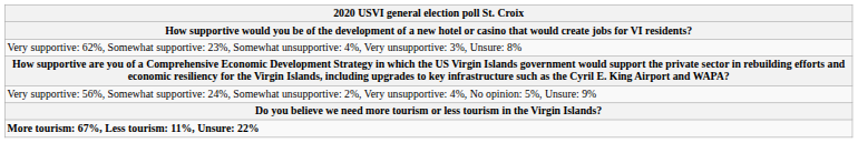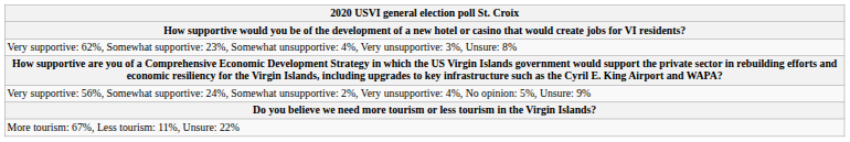 <table class="wikitable sortable">
 <tr>
 <th colspan="6">2020 USVI general election poll St. Croix </th>
 </tr>
 <tr>
 <th colspan="6">How supportive would you be of the development of a new hotel or casino that would create jobs for VI residents?</th>
 </tr>
 <tr>
 <td>Very supportive: 62%, Somewhat supportive: 23%, Somewhat unsupportive: 4%, Very unsupportive: 3%, Unsure: 8%</td>
 </tr>
 <tr>
 <th colspan="6">How supportive are you of a Comprehensive Economic Development Strategy in which the US Virgin Islands government would support the private sector in rebuilding efforts and economic resiliency for the Virgin Islands, including upgrades to key infrastructure such as the Cyril E. King Airport and WAPA?</th>
 </tr>
 <tr>
 <td>Very supportive: 56%, Somewhat supportive: 24%, Somewhat unsupportive: 2%, Very unsupportive: 4%, No opinion: 5%, Unsure: 9%</td>
 </tr>
 <tr>
 <th colspan="6">Do you believe we need more tourism or less tourism in the Virgin Islands?</th>
 </tr>
 <tr>
-<td><strong>More tourism: 67%, Less tourism: 11%, Unsure: 22%</strong></td>
+<td>More tourism: 67%, Less tourism: 11%, Unsure: 22%</td>
 </tr>
 </table>
